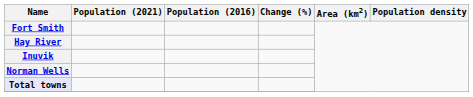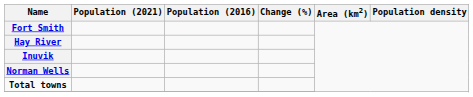 <table class="wikitable sortable">
 <tr>
 <th>Name</th>
 <th>Population (2021)</th>
 <th>Population (2016)</th>
 <th>Change (%)</th>
 <th>Area (km<sup>2</sup>)</th>
 <th>Population density</th>
 </tr>
 <tr>
 <th scope="row"><a href='#'>Fort Smith</a></th>
 <td></td>
 <td align=right></td>
 <td align=right></td>
 </tr>
 <tr>
 <th scope="row"><a href='#'>Hay River</a></th>
 <td></td>
 <td align=right></td>
 <td align=right></td>
 </tr>
 <tr>
 <th scope="row"><a href='#'>Inuvik</a></th>
 <td></td>
 <td align=right></td>
 <td align=right></td>
 </tr>
 <tr>
 <th scope="row"><a href='#'>Norman Wells</a></th>
 <td></td>
 <td align=right></td>
 <td align=right></td>
 </tr>
 <tr class="sortbottom" align="center">
-<td align="center" style="background: lavender;"><strong>Total towns</strong></td>
+<td align="center"><strong>Total towns</strong></td>
 <td></td>
 <td align=right><strong></strong></td>
 <td align=right><strong></strong></td>
 </tr>
 <tr>
 </tr>
 </table>
